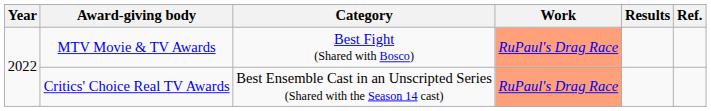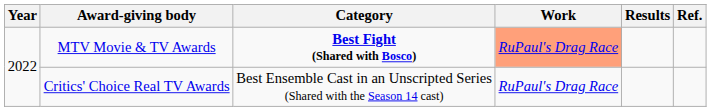 <table class="wikitable sortable" >
 <tr>
 <th>Year</th>
 <th>Award-giving body</th>
 <th>Category</th>
 <th>Work</th>
 <th>Results</th>
 <th>Ref.</th>
 </tr>
 <tr>
 <td rowspan="2" style="text-align:center">2022</td>
 <td style="text-align:center"><a href='#'>MTV Movie & TV Awards</a></td>
-<td style="text-align:center"><a href='#'>Best Fight</a><br><small>(Shared with <a href='#'>Bosco</a>)</small></td>
+<td style="text-align:center"><strong><a href='#'>Best Fight</a><br><small>(Shared with <a href='#'>Bosco</a>)</small></strong></td>
 <td style="background: lightsalmon; text-align:center"><a href='#'><em>RuPaul's Drag Race</em></a></td>
 <td></td>
 <td style="text-align:center"></td>
 </tr>
 <tr>
 <td style="text-align:center"><a href='#'>Critics' Choice Real TV Awards</a></td>
 <td style="text-align:center">Best Ensemble Cast in an Unscripted Series<br><small>(Shared with the <a href='#'>Season 14</a> cast)</small></td>
-<td style="background: lightsalmon; text-align:center"><a href='#'><em>RuPaul's Drag Race</em></a></td>
+<td style="text-align:center"><a href='#'><em>RuPaul's Drag Race</em></a></td>
 <td></td>
 <td style="text-align:center"></td>
 </tr>
 </table>
